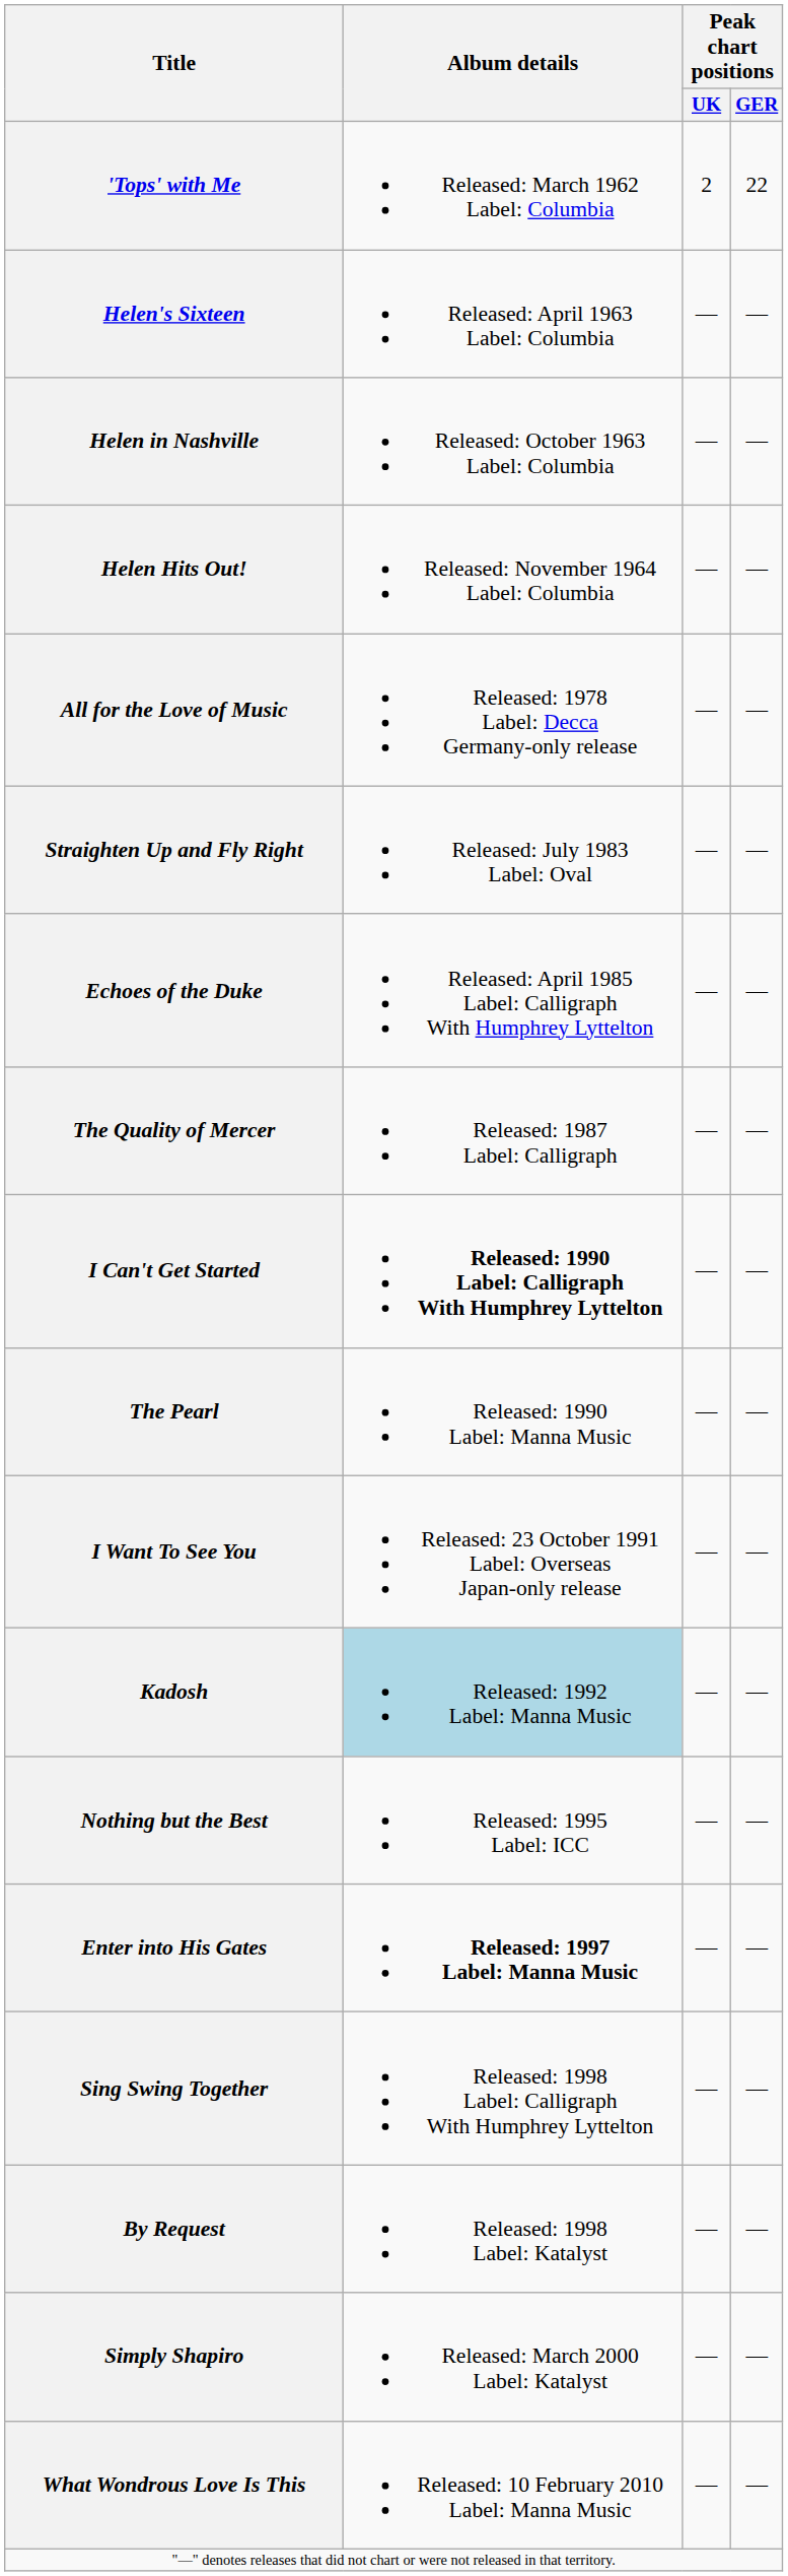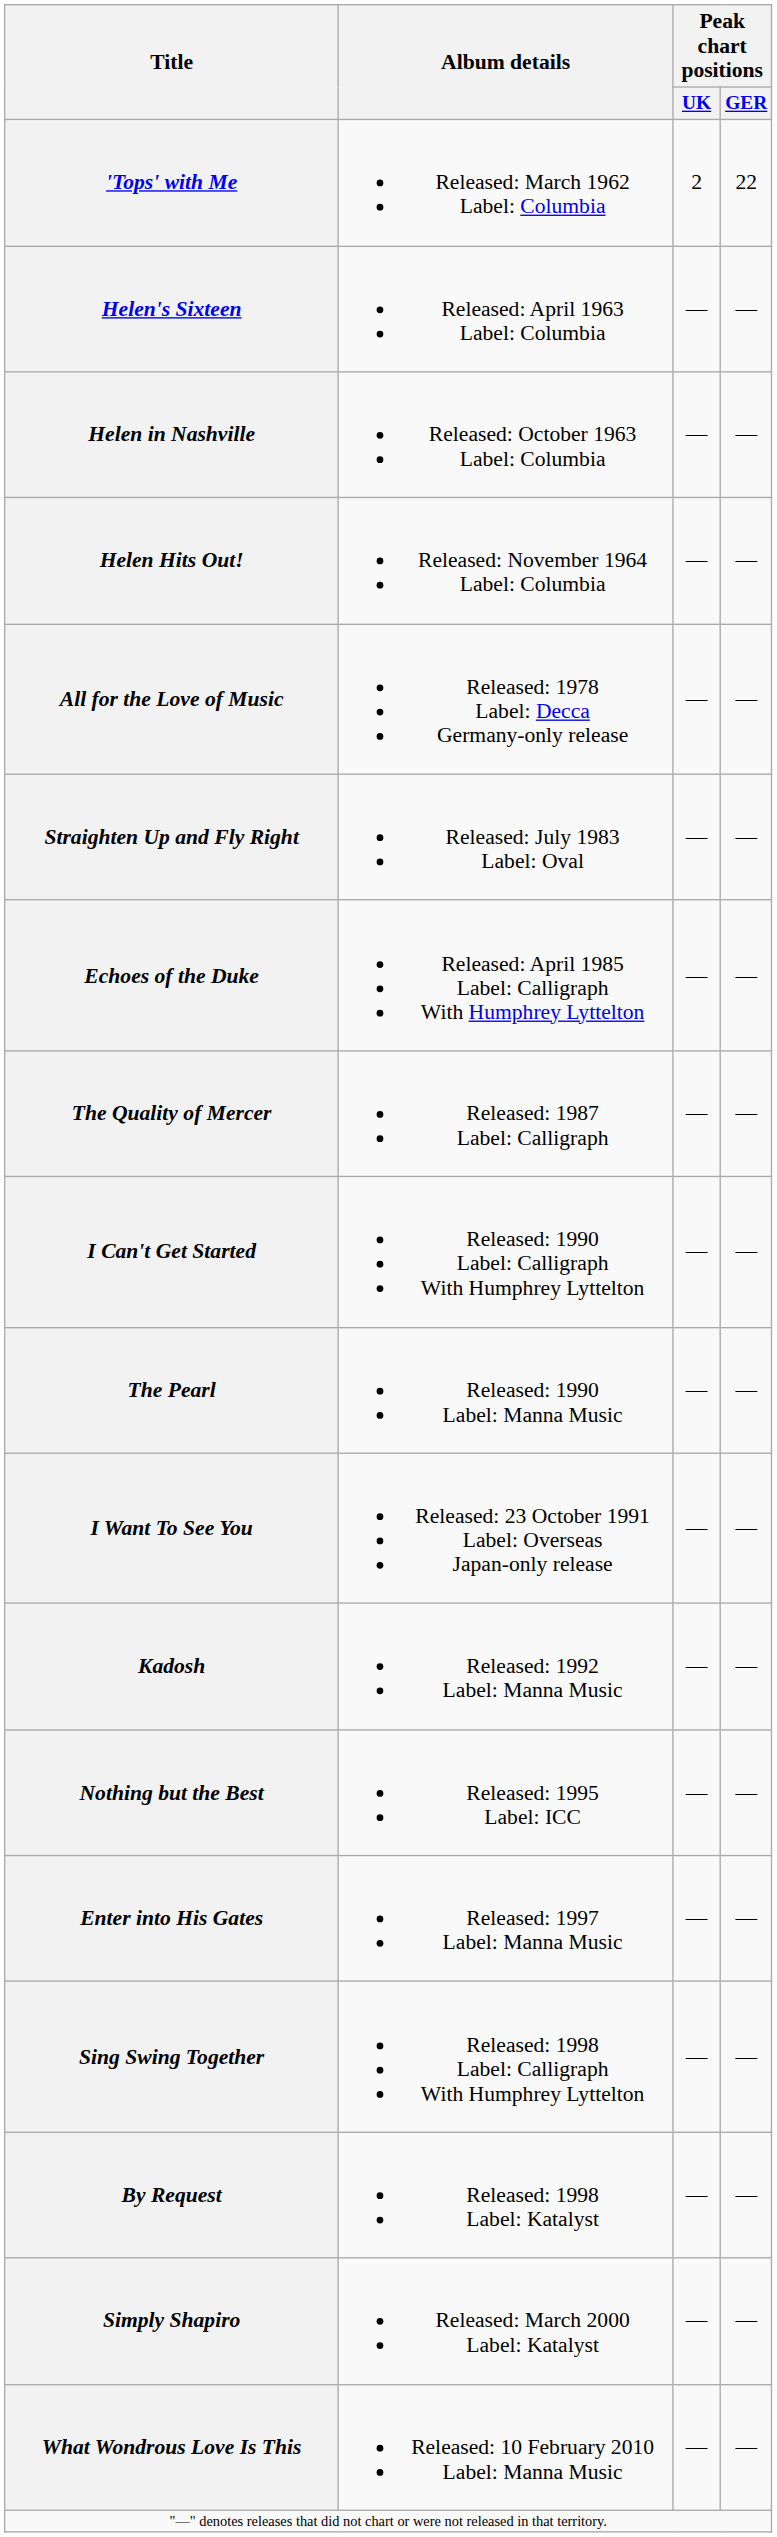 <table class="wikitable plainrowheaders" style="text-align:center;">
 <tr>
 <th rowspan="2" scope="col" style="width:15em;">Title</th>
 <th rowspan="2" scope="col" style="width:15em;">Album details</th>
 <th colspan="2">Peak chart positions</th>
 </tr>
 <tr>
 <th scope="col" style="width:2em;font-size:90%;"><a href='#'>UK</a><br></th>
 <th scope="col" style="width:2em;font-size:90%;"><a href='#'>GER</a><br></th>
 </tr>
 <tr>
 <th scope="row"><em><a href='#'>'Tops' with Me</a></em></th>
 <td><br><ul><li>Released: March 1962</li><li>Label: <a href='#'>Columbia</a></li></ul></td>
 <td>2</td>
 <td>22</td>
 </tr>
 <tr>
 <th scope="row"><em><a href='#'>Helen's Sixteen</a></em></th>
 <td><br><ul><li>Released: April 1963</li><li>Label: Columbia</li></ul></td>
 <td>—</td>
 <td>—</td>
 </tr>
 <tr>
 <th scope="row"><em>Helen in Nashville</em></th>
 <td><br><ul><li>Released: October 1963</li><li>Label: Columbia</li></ul></td>
 <td>—</td>
 <td>—</td>
 </tr>
 <tr>
 <th scope="row"><em>Helen Hits Out!</em></th>
 <td><br><ul><li>Released: November 1964</li><li>Label: Columbia</li></ul></td>
 <td>—</td>
 <td>—</td>
 </tr>
 <tr>
 <th scope="row"><em>All for the Love of Music</em></th>
 <td><br><ul><li>Released: 1978</li><li>Label: <a href='#'>Decca</a></li><li>Germany-only release</li></ul></td>
 <td>—</td>
 <td>—</td>
 </tr>
 <tr>
 <th scope="row"><em>Straighten Up and Fly Right</em></th>
 <td><br><ul><li>Released: July 1983</li><li>Label: Oval</li></ul></td>
 <td>—</td>
 <td>—</td>
 </tr>
 <tr>
 <th scope="row"><em>Echoes of the Duke</em></th>
 <td><br><ul><li>Released: April 1985</li><li>Label: Calligraph</li><li>With <a href='#'>Humphrey Lyttelton</a></li></ul></td>
 <td>—</td>
 <td>—</td>
 </tr>
 <tr>
 <th scope="row"><em>The Quality of Mercer</em></th>
 <td><br><ul><li>Released: 1987</li><li>Label: Calligraph</li></ul></td>
 <td>—</td>
 <td>—</td>
 </tr>
 <tr>
 <th scope="row"><em>I Can't Get Started</em></th>
-<td><strong><br><ul><li>Released: 1990</li><li>Label: Calligraph</li><li>With Humphrey Lyttelton</li></ul></strong></td>
+<td><br><ul><li>Released: 1990</li><li>Label: Calligraph</li><li>With Humphrey Lyttelton</li></ul></td>
 <td>—</td>
 <td>—</td>
 </tr>
 <tr>
 <th scope="row"><em>The Pearl</em></th>
 <td><br><ul><li>Released: 1990</li><li>Label: Manna Music</li></ul></td>
 <td>—</td>
 <td>—</td>
 </tr>
 <tr>
 <th scope="row"><em>I Want To See You</em></th>
 <td><br><ul><li>Released: 23 October 1991</li><li>Label: Overseas</li><li>Japan-only release</li></ul></td>
 <td>—</td>
 <td>—</td>
 </tr>
 <tr>
 <th scope="row"><em>Kadosh</em></th>
-<td style="background: lightblue;"><br><ul><li>Released: 1992</li><li>Label: Manna Music</li></ul></td>
+<td><br><ul><li>Released: 1992</li><li>Label: Manna Music</li></ul></td>
 <td>—</td>
 <td>—</td>
 </tr>
 <tr>
 <th scope="row"><em>Nothing but the Best</em></th>
 <td><br><ul><li>Released: 1995</li><li>Label: ICC</li></ul></td>
 <td>—</td>
 <td>—</td>
 </tr>
 <tr>
 <th scope="row"><em>Enter into His Gates</em></th>
-<td><strong><br><ul><li>Released: 1997</li><li>Label: Manna Music</li></ul></strong></td>
+<td><br><ul><li>Released: 1997</li><li>Label: Manna Music</li></ul></td>
 <td>—</td>
 <td>—</td>
 </tr>
 <tr>
 <th scope="row"><em>Sing Swing Together</em></th>
 <td><br><ul><li>Released: 1998</li><li>Label: Calligraph</li><li>With Humphrey Lyttelton</li></ul></td>
 <td>—</td>
 <td>—</td>
 </tr>
 <tr>
 <th scope="row"><em>By Request</em></th>
 <td><br><ul><li>Released: 1998</li><li>Label: Katalyst</li></ul></td>
 <td>—</td>
 <td>—</td>
 </tr>
 <tr>
 <th scope="row"><em>Simply Shapiro</em></th>
 <td><br><ul><li>Released: March 2000</li><li>Label: Katalyst</li></ul></td>
 <td>—</td>
 <td>—</td>
 </tr>
 <tr>
 <th scope="row"><em>What Wondrous Love Is This</em></th>
 <td><br><ul><li>Released: 10 February 2010</li><li>Label: Manna Music</li></ul></td>
 <td>—</td>
 <td>—</td>
 </tr>
 <tr>
 <td colspan="4" style="font-size:8pt">"—" denotes releases that did not chart or were not released in that territory.</td>
 </tr>
 </table>
